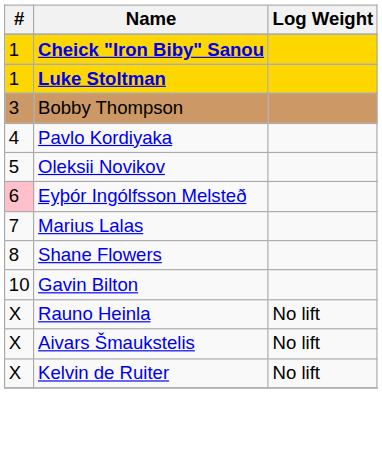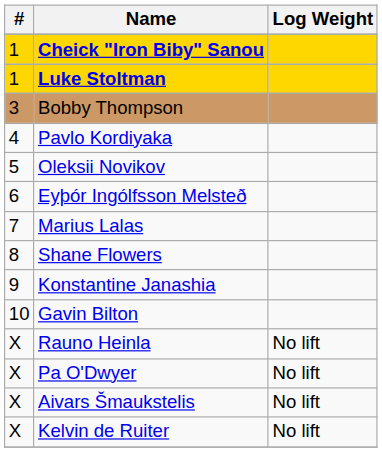 <table class="wikitable" style="display: inline-table">
 <tr>
 <th>#</th>
 <th>Name</th>
 <th>Log Weight</th>
 </tr>
 <tr>
 </tr>
 <tr style="background:gold;">
 <td>1</td>
 <td> <strong><a href='#'>Cheick "Iron Biby" Sanou</a></strong></td>
 <td></td>
 </tr>
 <tr>
 </tr>
 <tr style="background:gold;">
 <td>1</td>
 <td> <strong><a href='#'>Luke Stoltman</a></strong></td>
 <td></td>
 </tr>
 <tr>
 </tr>
 <tr style="background:#c96;">
 <td>3</td>
 <td> Bobby Thompson</td>
 <td></td>
 </tr>
 <tr>
 <td>4</td>
 <td> <a href='#'>Pavlo Kordiyaka</a></td>
 <td></td>
 </tr>
 <tr>
 <td>5</td>
 <td> <a href='#'>Oleksii Novikov</a></td>
 <td></td>
 </tr>
 <tr>
-<td style="background: pink;">6</td>
+<td>6</td>
 <td> <a href='#'>Eyþór Ingólfsson Melsteð</a></td>
 <td></td>
 </tr>
 <tr>
 <td>7</td>
 <td> <a href='#'>Marius Lalas</a></td>
 <td></td>
 </tr>
 <tr>
 <td>8</td>
 <td> <a href='#'>Shane Flowers</a></td>
 <td></td>
 </tr>
 <tr>
+<td>9</td>
+<td> <a href='#'>Konstantine Janashia</a></td>
+<td></td>
+</tr>
+<tr>
 <td>10</td>
 <td> <a href='#'>Gavin Bilton</a></td>
 <td></td>
 </tr>
 <tr>
 <td>X</td>
 <td> <a href='#'>Rauno Heinla</a></td>
+<td>No lift</td>
+</tr>
+<tr>
+<td>X</td>
+<td> <a href='#'>Pa O'Dwyer</a></td>
 <td>No lift</td>
 </tr>
 <tr>
 <td>X</td>
 <td> <a href='#'>Aivars Šmaukstelis</a></td>
 <td>No lift</td>
 </tr>
 <tr>
 <td>X</td>
 <td> <a href='#'>Kelvin de Ruiter</a></td>
 <td>No lift</td>
 </tr>
 <tr>
 </tr>
 </table>
